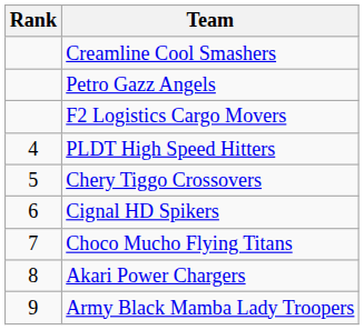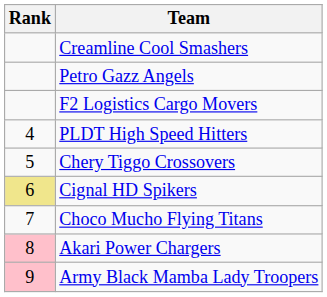 <table class="wikitable" style="text-align: center">
 <tr>
 <th>Rank</th>
 <th>Team</th>
 </tr>
 <tr>
 <td></td>
 <td align="left"><a href='#'>Creamline Cool Smashers</a></td>
 </tr>
 <tr>
 <td></td>
 <td align="left"><a href='#'>Petro Gazz Angels</a></td>
 </tr>
 <tr>
 <td></td>
 <td align="left"><a href='#'>F2 Logistics Cargo Movers</a></td>
 </tr>
 <tr>
 <td>4</td>
 <td align="left"><a href='#'>PLDT High Speed Hitters</a></td>
 </tr>
 <tr>
 <td>5</td>
 <td align="left"><a href='#'>Chery Tiggo Crossovers</a></td>
 </tr>
 <tr>
-<td>6</td>
+<td style="background: khaki;">6</td>
 <td align="left"><a href='#'>Cignal HD Spikers</a></td>
 </tr>
 <tr>
 <td>7</td>
 <td align="left"><a href='#'>Choco Mucho Flying Titans</a></td>
 </tr>
 <tr>
-<td>8</td>
+<td style="background: pink;">8</td>
 <td align="left"><a href='#'>Akari Power Chargers</a></td>
 </tr>
 <tr>
-<td>9</td>
+<td style="background: pink;">9</td>
 <td align="left"><a href='#'>Army Black Mamba Lady Troopers</a></td>
 </tr>
 </table>
